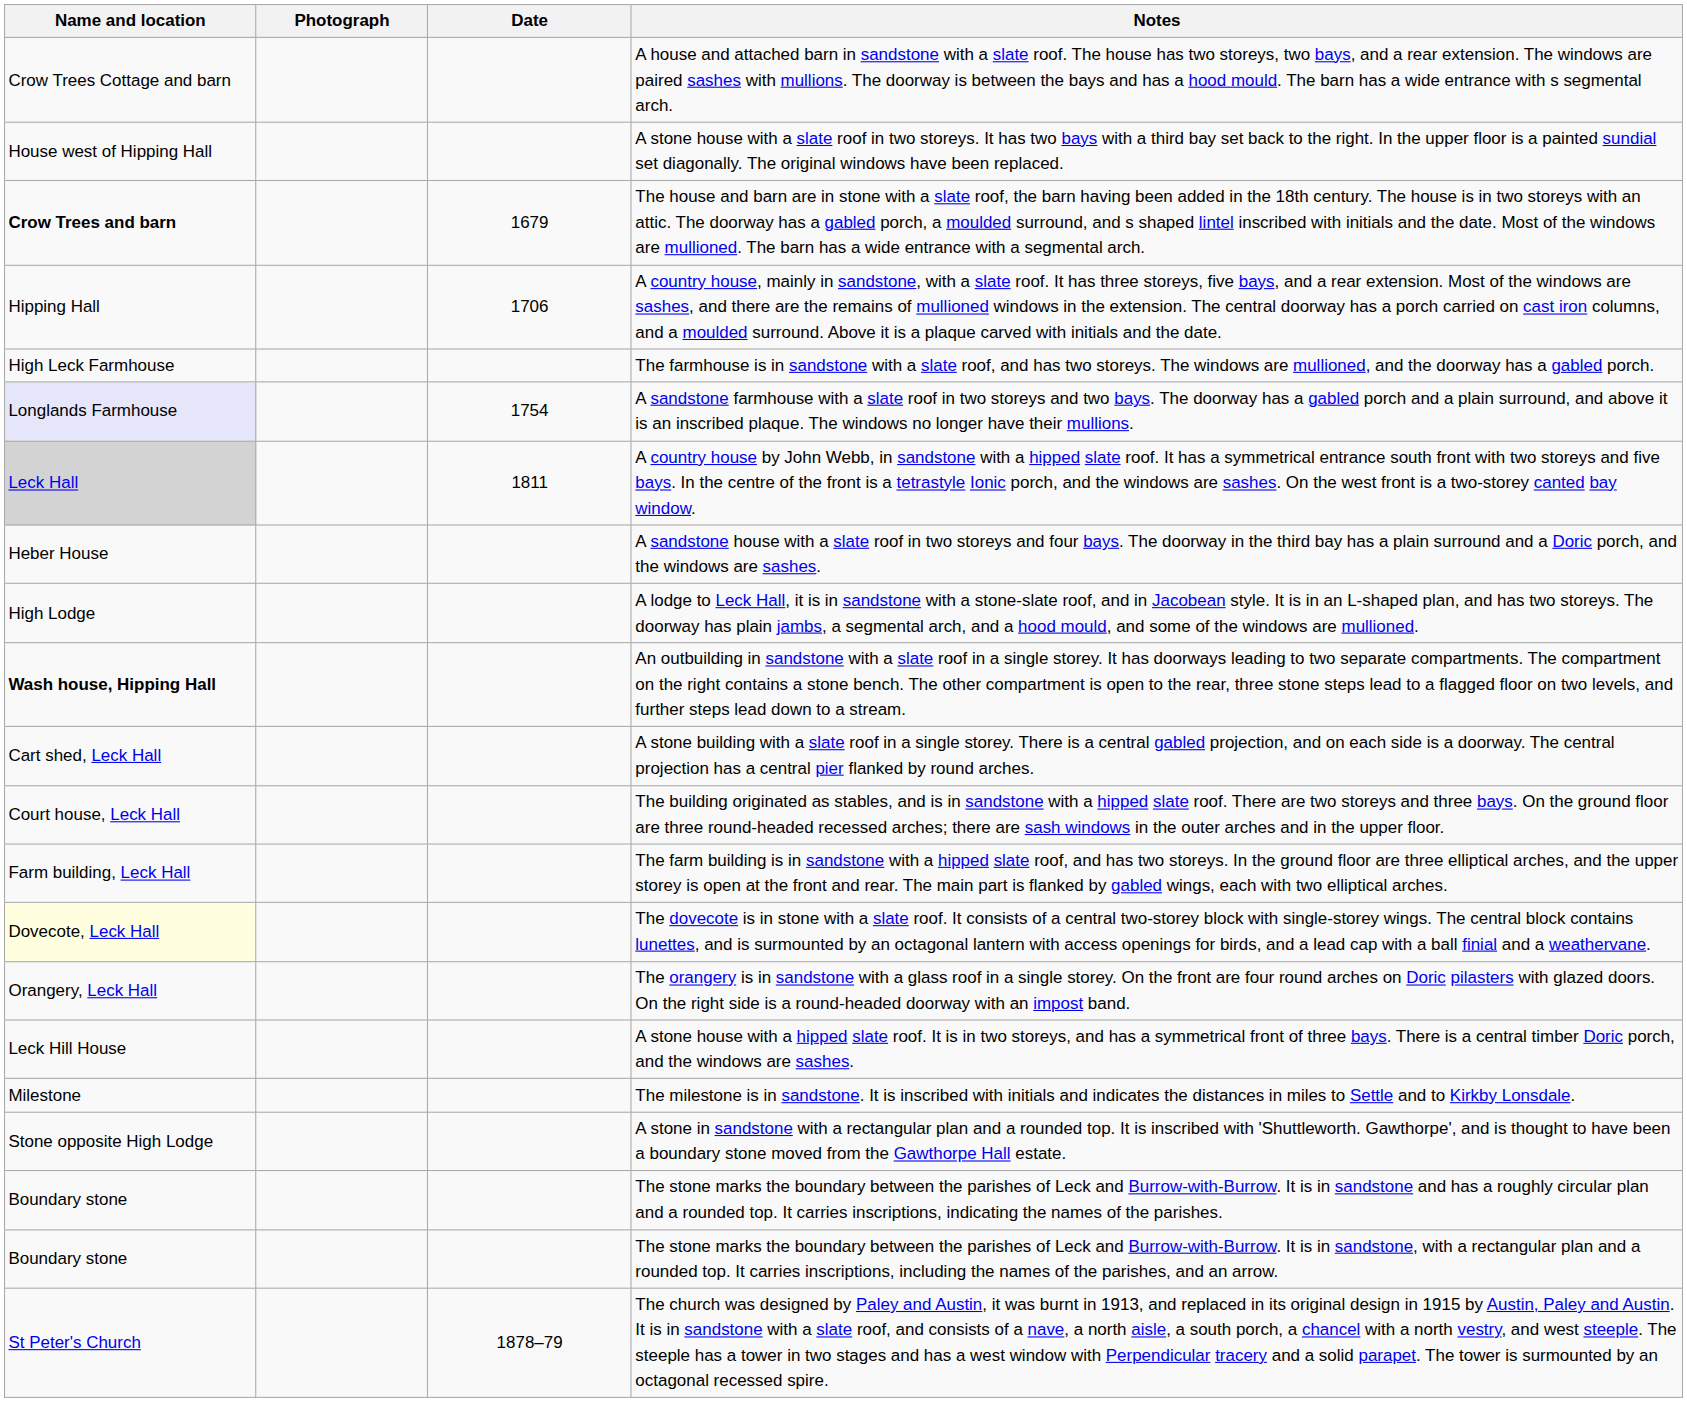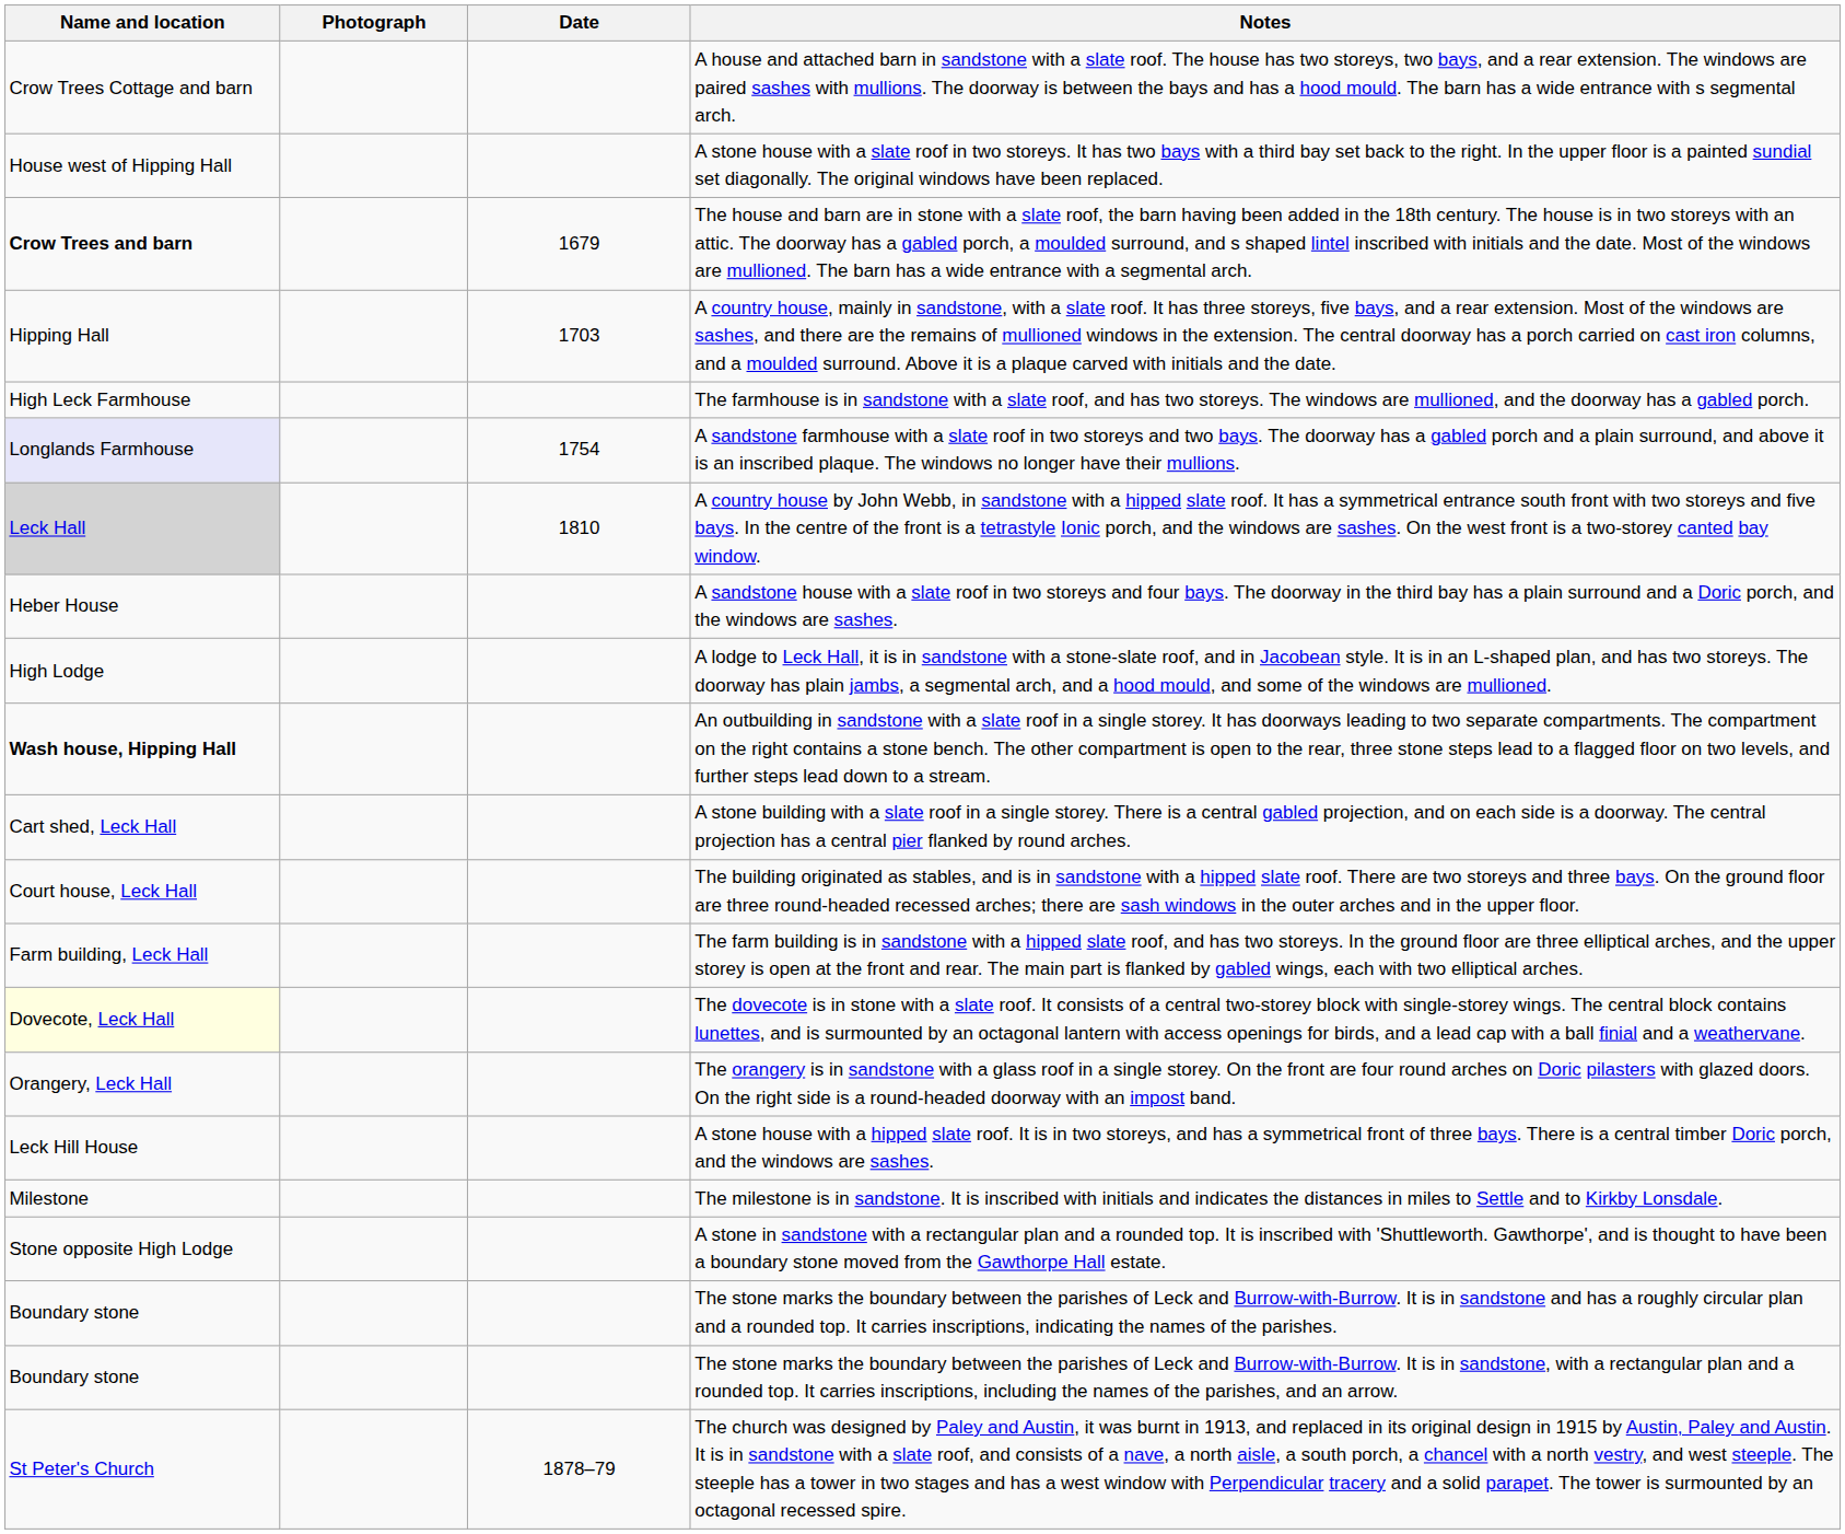 <table class="wikitable sortable plainrowheaders" style="width:100%;border:0px;text-align:left;line-height:150%;">
 <tr>
 <th scope="col"  style="width:150px">Name and location</th>
 <th scope="col"  style="width:100px" class="unsortable">Photograph</th>
 <th scope="col"  style="width:120px">Date</th>
 <th scope="col"  style="width:650px" class="unsortable">Notes</th>
 </tr>
 <tr>
 <td>Crow Trees Cottage and barn<br><small></small></td>
 <td></td>
 <td align="center"></td>
 <td>A house and attached barn in <a href='#'>sandstone</a> with a <a href='#'>slate</a> roof.  The house has two storeys, two <a href='#'>bays</a>, and a rear extension.  The windows are paired <a href='#'>sashes</a> with <a href='#'>mullions</a>.  The doorway is between the bays and has a <a href='#'>hood mould</a>.  The barn has a wide entrance with s segmental arch.</td>
 </tr>
 <tr>
 <td>House west of Hipping Hall<br><small></small></td>
 <td></td>
 <td align="center"></td>
 <td>A stone house with a <a href='#'>slate</a> roof in two storeys.  It has two <a href='#'>bays</a> with a third bay set back to the right.  In the upper floor is a painted <a href='#'>sundial</a> set diagonally.  The original windows have been replaced.</td>
 </tr>
 <tr>
 <td><strong>Crow Trees and barn<br><small></small></strong></td>
 <td></td>
 <td align="center">1679</td>
 <td>The house and barn are in stone with a <a href='#'>slate</a> roof, the barn having been added in the 18th century.  The house is in two storeys with an attic.  The doorway has a <a href='#'>gabled</a> porch, a <a href='#'>moulded</a> surround, and s shaped <a href='#'>lintel</a> inscribed with initials and the date.  Most of the windows are <a href='#'>mullioned</a>.  The barn has a wide entrance with a segmental arch.</td>
 </tr>
 <tr>
 <td>Hipping Hall<br><small></small></td>
 <td></td>
-<td align="center">1706</td>
+<td align="center">1703</td>
 <td>A <a href='#'>country house</a>, mainly in <a href='#'>sandstone</a>, with a <a href='#'>slate</a> roof.  It has three storeys, five <a href='#'>bays</a>, and a rear extension.  Most of the windows are <a href='#'>sashes</a>, and there are the remains of <a href='#'>mullioned</a> windows in the extension.  The central doorway has a porch carried on <a href='#'>cast iron</a> columns, and a <a href='#'>moulded</a> surround.  Above it is a plaque carved with initials and the date.</td>
 </tr>
 <tr>
 <td>High Leck Farmhouse<br><small></small></td>
 <td></td>
 <td align="center"></td>
 <td>The farmhouse is in <a href='#'>sandstone</a> with a <a href='#'>slate</a> roof, and has two storeys. The windows are <a href='#'>mullioned</a>, and the doorway has a <a href='#'>gabled</a> porch.</td>
 </tr>
 <tr>
 <td style="background: lavender;">Longlands Farmhouse<br><small></small></td>
 <td></td>
 <td align="center">1754</td>
 <td>A <a href='#'>sandstone</a> farmhouse with a <a href='#'>slate</a> roof in two storeys and two <a href='#'>bays</a>.  The doorway has a <a href='#'>gabled</a> porch and a plain surround, and above it is an inscribed plaque.  The windows no longer have their <a href='#'>mullions</a>.</td>
 </tr>
 <tr>
 <td style="background: lightgrey;"><a href='#'>Leck Hall</a><br><small></small></td>
 <td></td>
-<td align="center">1811</td>
+<td align="center">1810</td>
 <td>A <a href='#'>country house</a> by John Webb, in <a href='#'>sandstone</a> with a <a href='#'>hipped</a> <a href='#'>slate</a> roof.  It has a symmetrical entrance south front with two storeys and five <a href='#'>bays</a>.  In the centre of the front is a <a href='#'>tetrastyle</a> <a href='#'>Ionic</a> porch, and the windows are <a href='#'>sashes</a>.  On the west front is a two-storey <a href='#'>canted</a> <a href='#'>bay window</a>.</td>
 </tr>
 <tr>
 <td>Heber House<br><small></small></td>
 <td></td>
 <td align="center"></td>
 <td>A <a href='#'>sandstone</a> house with a <a href='#'>slate</a> roof in two storeys and four <a href='#'>bays</a>.  The doorway in the third bay has a plain surround and a <a href='#'>Doric</a> porch, and the windows are <a href='#'>sashes</a>.</td>
 </tr>
 <tr>
 <td>High Lodge<br><small></small></td>
 <td></td>
 <td align="center"></td>
 <td>A lodge to <a href='#'>Leck Hall</a>, it is in <a href='#'>sandstone</a> with a stone-slate roof, and in <a href='#'>Jacobean</a> style.  It is in an L-shaped plan, and has two storeys.  The doorway has plain <a href='#'>jambs</a>, a segmental arch, and a <a href='#'>hood mould</a>, and some of the windows are <a href='#'>mullioned</a>.</td>
 </tr>
 <tr>
 <td><strong>Wash house, Hipping Hall<br><small></small></strong></td>
 <td></td>
 <td align="center"></td>
 <td>An outbuilding in <a href='#'>sandstone</a> with a <a href='#'>slate</a> roof in a single storey.  It has doorways leading to two separate compartments.  The compartment on the right contains a stone bench.  The other compartment is open to the rear, three stone steps lead to a flagged floor on two levels, and further steps lead down to a stream.</td>
 </tr>
 <tr>
 <td>Cart shed, <a href='#'>Leck Hall</a><br><small></small></td>
 <td></td>
 <td align="center"></td>
 <td>A stone building with a <a href='#'>slate</a> roof in a single storey.  There is a central <a href='#'>gabled</a> projection, and on each side is a doorway.  The central projection has a central <a href='#'>pier</a> flanked by round arches.</td>
 </tr>
 <tr>
 <td>Court house, <a href='#'>Leck Hall</a><br><small></small></td>
 <td></td>
 <td align="center"></td>
 <td>The building originated as stables, and is in <a href='#'>sandstone</a> with a <a href='#'>hipped</a> <a href='#'>slate</a> roof.  There are two storeys and three <a href='#'>bays</a>.  On the ground floor are three round-headed recessed arches; there are <a href='#'>sash windows</a> in the outer arches and in the upper floor.</td>
 </tr>
 <tr>
 <td>Farm building, <a href='#'>Leck Hall</a><br><small></small></td>
 <td></td>
 <td align="center"></td>
 <td>The farm building is in <a href='#'>sandstone</a> with a <a href='#'>hipped</a> <a href='#'>slate</a> roof, and has two storeys.  In the ground floor are three elliptical arches, and the upper storey is open at the front and rear.  The main part is flanked by <a href='#'>gabled</a> wings, each with two elliptical arches.</td>
 </tr>
 <tr>
 <td style="background: lightyellow;">Dovecote, <a href='#'>Leck Hall</a><br><small></small></td>
 <td></td>
 <td align="center"></td>
 <td>The <a href='#'>dovecote</a> is in stone with a <a href='#'>slate</a> roof.  It consists of a central two-storey block with single-storey wings.  The central block contains <a href='#'>lunettes</a>, and is surmounted by an octagonal lantern with access openings for birds, and a lead cap with a ball <a href='#'>finial</a> and a <a href='#'>weathervane</a>.</td>
 </tr>
 <tr>
 <td>Orangery, <a href='#'>Leck Hall</a><br><small></small></td>
 <td></td>
 <td align="center"></td>
 <td>The <a href='#'>orangery</a> is in <a href='#'>sandstone</a> with a glass roof in a single storey.  On the front are four round arches on <a href='#'>Doric</a> <a href='#'>pilasters</a> with glazed doors.  On the right side is a round-headed doorway with an <a href='#'>impost</a> band.</td>
 </tr>
 <tr>
 <td>Leck Hill House<br><small></small></td>
 <td></td>
 <td align="center"></td>
 <td>A stone house with a <a href='#'>hipped</a> <a href='#'>slate</a> roof.  It is in two storeys, and has a symmetrical front of three <a href='#'>bays</a>.  There is a central timber <a href='#'>Doric</a> porch, and the windows are <a href='#'>sashes</a>.</td>
 </tr>
 <tr>
 <td>Milestone<br><small></small></td>
 <td></td>
 <td align="center"></td>
 <td>The milestone is in <a href='#'>sandstone</a>.  It is inscribed with initials and indicates the distances in miles to <a href='#'>Settle</a> and to <a href='#'>Kirkby Lonsdale</a>.</td>
 </tr>
 <tr>
 <td>Stone opposite High Lodge<br><small></small></td>
 <td></td>
 <td align="center"></td>
 <td>A stone in <a href='#'>sandstone</a> with a rectangular plan and a rounded top.  It is inscribed with 'Shuttleworth. Gawthorpe', and is thought to have been a boundary stone moved from the <a href='#'>Gawthorpe Hall</a> estate.</td>
 </tr>
 <tr>
 <td>Boundary stone<br><small></small></td>
 <td></td>
 <td align="center"></td>
 <td>The stone marks the boundary between the parishes of Leck and <a href='#'>Burrow-with-Burrow</a>.  It is in <a href='#'>sandstone</a> and has a roughly circular plan and a rounded top.  It carries inscriptions, indicating the names of the parishes.</td>
 </tr>
 <tr>
 <td>Boundary stone<br><small></small></td>
 <td></td>
 <td align="center"></td>
 <td>The stone marks the boundary between the parishes of Leck and <a href='#'>Burrow-with-Burrow</a>.  It is in <a href='#'>sandstone</a>, with a rectangular plan and a rounded top.  It carries inscriptions, including the names of the parishes, and an arrow.</td>
 </tr>
 <tr>
 <td><a href='#'>St Peter's Church</a><br><small></small></td>
 <td></td>
 <td align="center">1878–79</td>
 <td>The church was designed by <a href='#'>Paley and Austin</a>, it was burnt in 1913, and replaced in its original design in 1915 by <a href='#'>Austin, Paley and Austin</a>.  It is in <a href='#'>sandstone</a> with a <a href='#'>slate</a> roof, and consists of a <a href='#'>nave</a>, a north <a href='#'>aisle</a>, a south porch, a <a href='#'>chancel</a> with a north <a href='#'>vestry</a>, and west <a href='#'>steeple</a>.  The steeple has a tower in two stages and has a west window with <a href='#'>Perpendicular</a> <a href='#'>tracery</a> and a solid <a href='#'>parapet</a>.  The tower is surmounted by an octagonal recessed spire.</td>
 </tr>
 <tr>
 </tr>
 </table>
